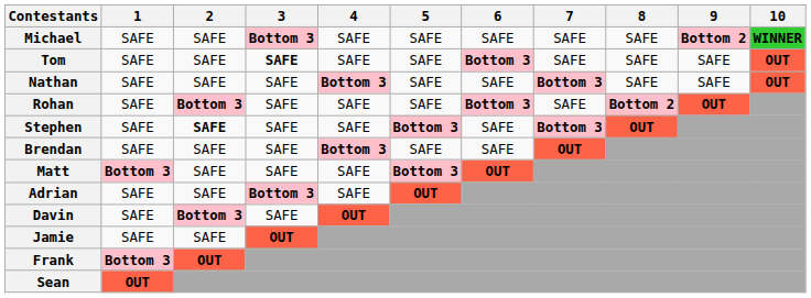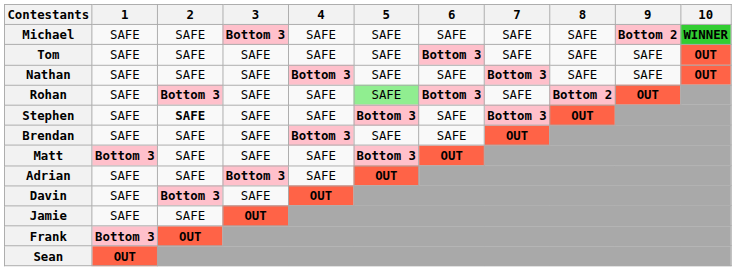 <table class="wikitable" style="text-align:left;">
 <tr>
 <th>Contestants</th>
 <th>1</th>
 <th>2</th>
 <th>3</th>
 <th>4</th>
 <th>5</th>
 <th>6</th>
 <th>7</th>
 <th>8</th>
 <th>9</th>
 <th>10</th>
 </tr>
 <tr>
 <th>Michael</th>
 <td align="center">SAFE</td>
 <td align="center">SAFE</td>
 <td bgcolor="pink" align="center"><strong>Bottom 3</strong></td>
 <td align="center">SAFE</td>
 <td align="center">SAFE</td>
 <td align="center">SAFE</td>
 <td align="center">SAFE</td>
 <td align="center">SAFE</td>
 <td bgcolor="pink" align="center"><strong>Bottom 2</strong></td>
 <td bgcolor="limegreen" align="center"><strong>WINNER</strong></td>
 </tr>
 <tr>
 <th>Tom</th>
 <td align="center">SAFE</td>
 <td align="center">SAFE</td>
-<td align="center"><strong>SAFE</strong></td>
+<td align="center">SAFE</td>
 <td align="center">SAFE</td>
 <td align="center">SAFE</td>
 <td bgcolor="pink" align="center"><strong>Bottom 3</strong></td>
 <td align="center">SAFE</td>
 <td align="center">SAFE</td>
 <td align="center">SAFE</td>
 <td bgcolor="tomato" align="center"><strong>OUT</strong></td>
 </tr>
 <tr>
 <th>Nathan</th>
 <td align="center">SAFE</td>
 <td align="center">SAFE</td>
 <td align="center">SAFE</td>
 <td bgcolor="pink" align="center"><strong>Bottom 3</strong></td>
 <td align="center">SAFE</td>
 <td align="center">SAFE</td>
 <td bgcolor="pink" align="center"><strong>Bottom 3</strong></td>
 <td align="center">SAFE</td>
 <td align="center">SAFE</td>
 <td bgcolor="tomato" align="center"><strong>OUT</strong></td>
 </tr>
 <tr>
 <th>Rohan</th>
 <td align="center">SAFE</td>
 <td bgcolor="pink" align="center"><strong>Bottom 3</strong></td>
 <td align="center">SAFE</td>
 <td align="center">SAFE</td>
-<td align="center">SAFE</td>
+<td align="center" style="background: lightgreen;">SAFE</td>
 <td bgcolor="pink" align="center"><strong>Bottom 3</strong></td>
 <td align="center">SAFE</td>
 <td bgcolor="pink" align="center"><strong>Bottom 2</strong></td>
 <td bgcolor="tomato" align="center"><strong>OUT</strong></td>
 <td colspan=25 bgcolor="A9A9A9"></td>
 </tr>
 <tr>
 <th>Stephen</th>
 <td align="center">SAFE</td>
 <td align="center"><strong>SAFE</strong></td>
 <td align="center">SAFE</td>
 <td align="center">SAFE</td>
 <td bgcolor="pink" align="center"><strong>Bottom 3</strong></td>
 <td align="center">SAFE</td>
 <td bgcolor="pink" align="center"><strong>Bottom 3</strong></td>
 <td bgcolor="tomato" align="center"><strong>OUT</strong></td>
 <td colspan=25 bgcolor="A9A9A9"></td>
 </tr>
 <tr>
 <th>Brendan</th>
 <td align="center">SAFE</td>
 <td align="center">SAFE</td>
 <td align="center">SAFE</td>
 <td bgcolor="pink" align="center"><strong>Bottom 3</strong></td>
 <td align="center">SAFE</td>
 <td align="center">SAFE</td>
 <td bgcolor="tomato" align="center"><strong>OUT</strong></td>
 <td colspan=25 bgcolor="A9A9A9"></td>
 </tr>
 <tr>
 <th>Matt</th>
 <td bgcolor="pink" align="center"><strong>Bottom 3</strong></td>
 <td align="center">SAFE</td>
 <td align="center">SAFE</td>
 <td align="center">SAFE</td>
 <td bgcolor="pink" align="center"><strong>Bottom 3</strong></td>
 <td bgcolor="tomato" align="center"><strong>OUT</strong></td>
 <td colspan=25 bgcolor="A9A9A9"></td>
 </tr>
 <tr>
 <th>Adrian</th>
 <td align="center">SAFE</td>
 <td align="center">SAFE</td>
 <td bgcolor="pink" align="center"><strong>Bottom 3</strong></td>
 <td align="center">SAFE</td>
 <td bgcolor="tomato" align="center"><strong>OUT</strong></td>
 <td colspan=25 bgcolor="A9A9A9"></td>
 </tr>
 <tr>
 <th>Davin</th>
 <td align="center">SAFE</td>
 <td bgcolor="pink" align="center"><strong>Bottom 3</strong></td>
 <td align="center">SAFE</td>
 <td bgcolor="tomato" align="center"><strong>OUT</strong></td>
 <td colspan=25 bgcolor="A9A9A9"></td>
 </tr>
 <tr>
 <th>Jamie</th>
 <td align="center">SAFE</td>
 <td align="center">SAFE</td>
 <td bgcolor="tomato" align="center"><strong>OUT</strong></td>
 <td colspan=25 bgcolor="A9A9A9"></td>
 </tr>
 <tr>
 <th>Frank</th>
 <td bgcolor="pink" align="center"><strong>Bottom 3</strong></td>
 <td bgcolor="tomato" align="center"><strong>OUT</strong></td>
 <td colspan=25 bgcolor="A9A9A9"></td>
 </tr>
 <tr>
 <th>Sean</th>
 <td bgcolor="tomato" align="center"><strong>OUT</strong></td>
 <td colspan=25 bgcolor="A9A9A9"></td>
 </tr>
 </table>
